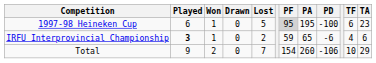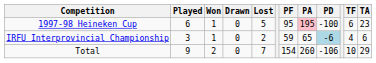 <table class="wikitable">
 <tr>
 <th>Competition</th>
 <th>Played</th>
 <th>Won</th>
 <th>Drawn</th>
 <th>Lost</th>
 <th rowspan="4"></th>
 <th>PF</th>
 <th>PA</th>
 <th>PD</th>
 <th rowspan="4"></th>
 <th>TF</th>
 <th>TA</th>
 </tr>
 <tr align=center>
 <td><a href='#'>1997-98 Heineken Cup</a></td>
 <td>6</td>
 <td>1</td>
 <td>0</td>
 <td>5</td>
-<td style="background: lightgrey;">95</td>
-<td>195</td>
+<td>95</td>
+<td style="background: pink;">195</td>
 <td>-100</td>
 <td>6</td>
 <td>23</td>
 </tr>
 <tr align=center>
 <td><a href='#'>IRFU Interprovincial Championship</a></td>
-<td><strong>3</strong></td>
+<td>3</td>
 <td>1</td>
 <td>0</td>
 <td>2</td>
 <td>59</td>
 <td>65</td>
-<td>-6</td>
+<td style="background: lightblue;">-6</td>
 <td>4</td>
 <td>6</td>
 </tr>
 <tr align=center>
 <td>Total</td>
 <td>9</td>
 <td>2</td>
 <td>0</td>
 <td>7</td>
 <td>154</td>
 <td>260</td>
 <td>-106</td>
 <td>10</td>
 <td>29</td>
 </tr>
 </table>
